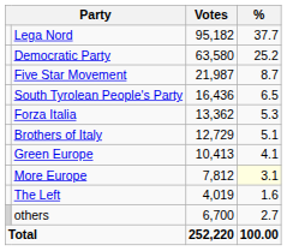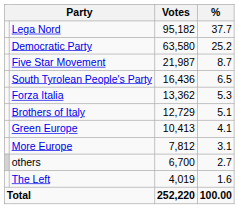 <table class="wikitable" style="font-size:95%">
 <tr>
 <th colspan=2>Party</th>
 <th>Votes</th>
 <th>%</th>
 </tr>
 <tr>
 <td></td>
 <td><a href='#'>Lega Nord</a></td>
 <td align=right>95,182</td>
 <td align=right>37.7</td>
 </tr>
 <tr>
 <td></td>
 <td><a href='#'>Democratic Party</a></td>
 <td align=right>63,580</td>
 <td align=right>25.2</td>
 </tr>
 <tr>
 <td></td>
 <td><a href='#'>Five Star Movement</a></td>
 <td align=right>21,987</td>
 <td align=right>8.7</td>
 </tr>
 <tr>
 <td></td>
 <td><a href='#'>South Tyrolean People's Party</a></td>
 <td align=right>16,436</td>
 <td align=right>6.5</td>
 </tr>
 <tr>
 <td></td>
 <td><a href='#'>Forza Italia</a></td>
 <td align=right>13,362</td>
 <td align=right>5.3</td>
 </tr>
 <tr>
 <td></td>
 <td><a href='#'>Brothers of Italy</a></td>
 <td align=right>12,729</td>
 <td align=right>5.1</td>
 </tr>
 <tr>
 <td></td>
 <td><a href='#'>Green Europe</a></td>
 <td align=right>10,413</td>
 <td align=right>4.1</td>
 </tr>
 <tr>
 <td></td>
 <td><a href='#'>More Europe</a></td>
 <td align=right>7,812</td>
-<td align=right style="background: lightyellow;">3.1</td>
+<td align=right>3.1</td>
+</tr>
+<tr>
+<td style="background-color: lightgrey"></td>
+<td>others</td>
+<td align=right>6,700</td>
+<td align=right>2.7</td>
 </tr>
 <tr>
 <td></td>
 <td><a href='#'>The Left</a></td>
 <td align=right>4,019</td>
 <td align=right>1.6</td>
 </tr>
 <tr>
-<td style="background-color: lightgrey"></td>
-<td>others</td>
-<td align=right>6,700</td>
-<td align=right>2.7</td>
-</tr>
-<tr>
 <td colspan=2><strong>Total</strong></td>
 <td align=right><strong>252,220</strong></td>
 <td align=right><strong>100.00</strong></td>
 </tr>
 </table>
